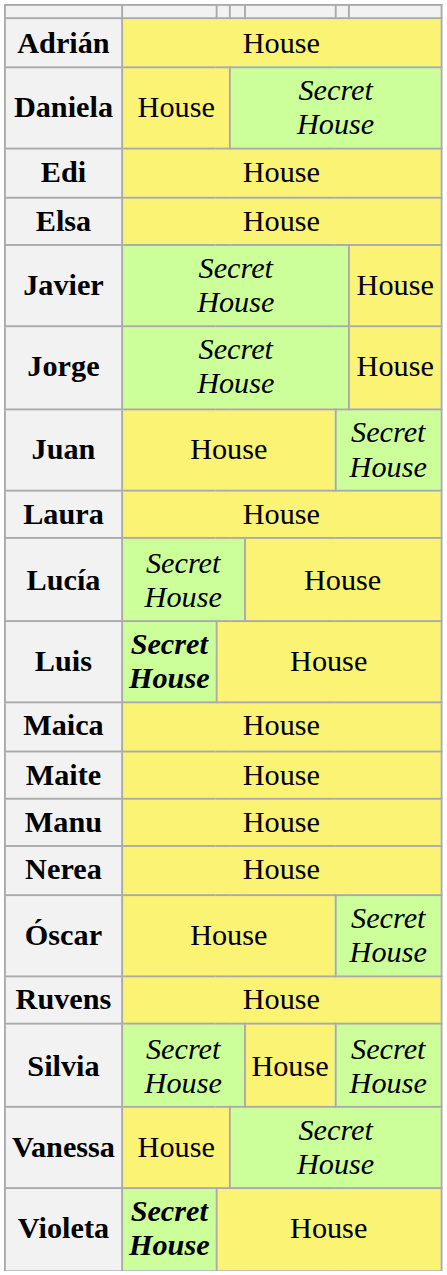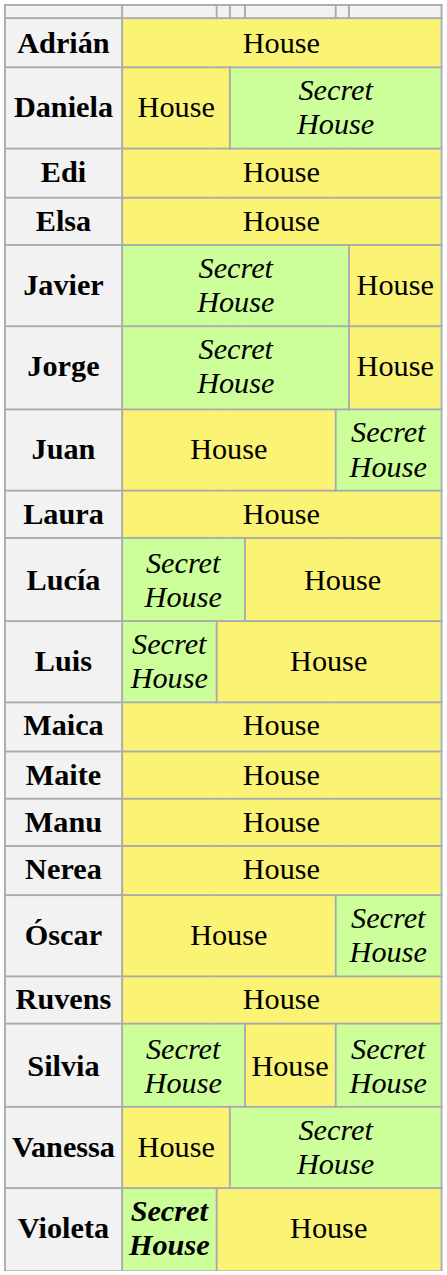 <table class="wikitable" style="text-align:center;">
 <tr>
 <th></th>
 <th></th>
 <th></th>
 <th></th>
 <th></th>
 <th></th>
 <th></th>
 </tr>
 <tr>
 <th>Adrián</th>
 <td colspan="6" style="background:#FBF373;">House</td>
 </tr>
 <tr>
 <th>Daniela</th>
 <td colspan="2" style="background:#FBF373;">House</td>
 <td colspan="4" style="background:rgb(204, 255, 153)"><em>Secret<br>House</em></td>
 </tr>
 <tr>
 <th>Edi</th>
 <td colspan="6" style="background:#FBF373;">House</td>
 </tr>
 <tr>
 <th>Elsa</th>
 <td colspan="6" style="background:#FBF373;">House</td>
 </tr>
 <tr>
 <th>Javier</th>
 <td colspan="5" style="background:rgb(204, 255, 153)"><em>Secret<br>House</em></td>
 <td colspan="1" style="background:#FBF373;">House</td>
 </tr>
 <tr>
 <th>Jorge</th>
 <td colspan="5" style="background:rgb(204, 255, 153)"><em>Secret<br>House</em></td>
 <td colspan="1" style="background:#FBF373;">House</td>
 </tr>
 <tr>
 <th>Juan</th>
 <td colspan="4" style="background:#FBF373;">House</td>
 <td colspan="2" style="background:rgb(204, 255, 153)"><em>Secret<br>House</em></td>
 </tr>
 <tr>
 <th>Laura</th>
 <td colspan="6" style="background:#FBF373;">House</td>
 </tr>
 <tr>
 <th>Lucía</th>
 <td colspan="3" style="background:rgb(204, 255, 153)"><em>Secret<br>House</em></td>
 <td colspan="3" style="background:#FBF373;">House</td>
 </tr>
 <tr>
 <th>Luis</th>
-<td colspan="1" style="background:rgb(204, 255, 153)"><strong><em>Secret<br>House</em></strong></td>
+<td colspan="1" style="background:rgb(204, 255, 153)"><em>Secret<br>House</em></td>
 <td colspan="5" style="background:#FBF373;">House</td>
 </tr>
 <tr>
 <th>Maica</th>
 <td colspan="6" style="background:#FBF373;">House</td>
 </tr>
 <tr>
 <th>Maite</th>
 <td colspan="6" style="background:#FBF373;">House</td>
 </tr>
 <tr>
 <th>Manu</th>
 <td colspan="6" style="background:#FBF373;">House</td>
 </tr>
 <tr>
 <th>Nerea</th>
 <td colspan="6" style="background:#FBF373;">House</td>
 </tr>
 <tr>
 <th>Óscar</th>
 <td colspan="4" style="background:#FBF373;">House</td>
 <td colspan="2" style="background:rgb(204, 255, 153)"><em>Secret<br>House</em></td>
 </tr>
 <tr>
 <th>Ruvens</th>
 <td colspan="6" style="background:#FBF373;">House</td>
 </tr>
 <tr>
 <th>Silvia</th>
 <td colspan="3" style="background:rgb(204, 255, 153)"><em>Secret<br>House</em></td>
 <td colspan="1" style="background:#FBF373;">House</td>
 <td colspan="2" style="background:rgb(204, 255, 153)"><em>Secret<br>House</em></td>
 </tr>
 <tr>
 <th>Vanessa</th>
 <td colspan="2" style="background:#FBF373;">House</td>
 <td colspan="4" style="background:rgb(204, 255, 153)"><em>Secret<br>House</em></td>
 </tr>
 <tr>
 <th>Violeta</th>
 <td colspan="1" style="background:rgb(204, 255, 153)"><strong><em>Secret<br>House</em></strong></td>
 <td colspan="5" style="background:#FBF373;">House</td>
 </tr>
 </table>
